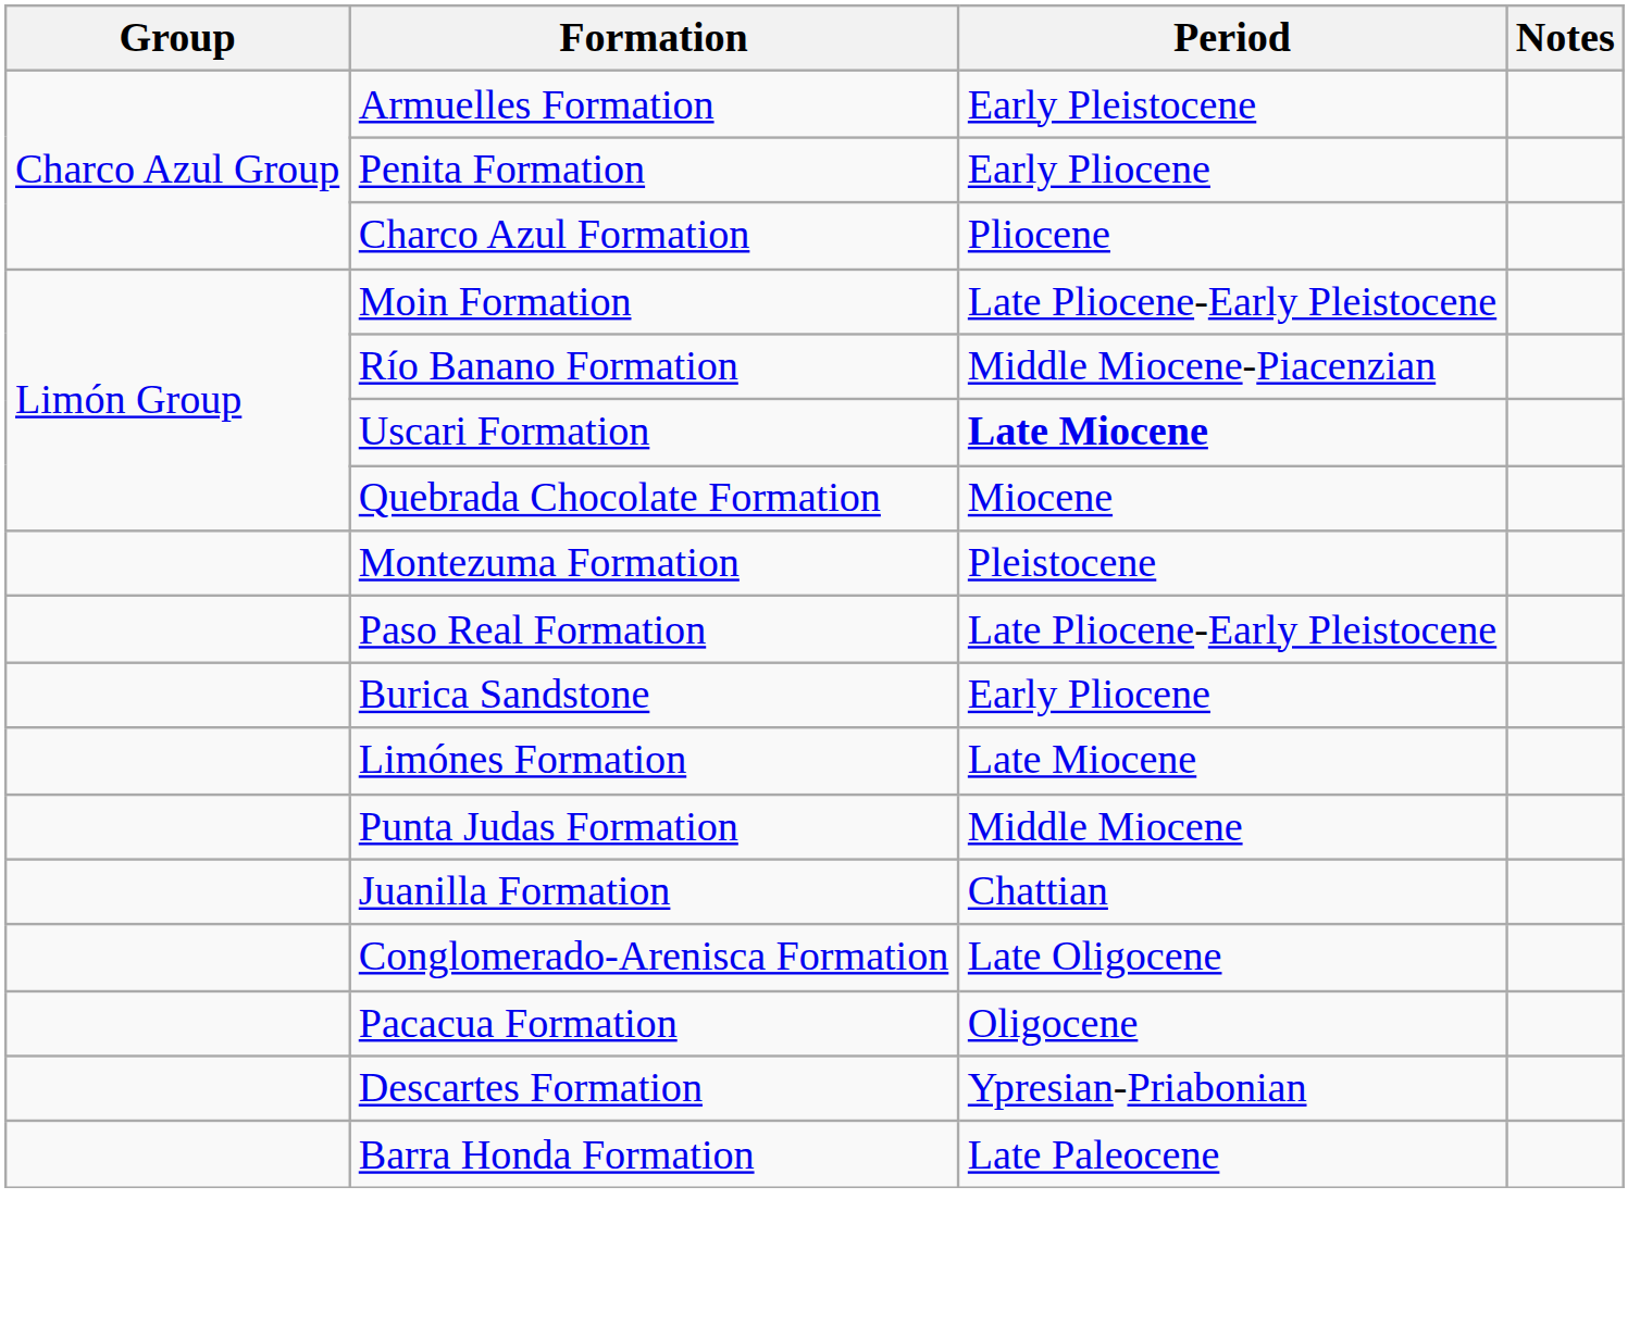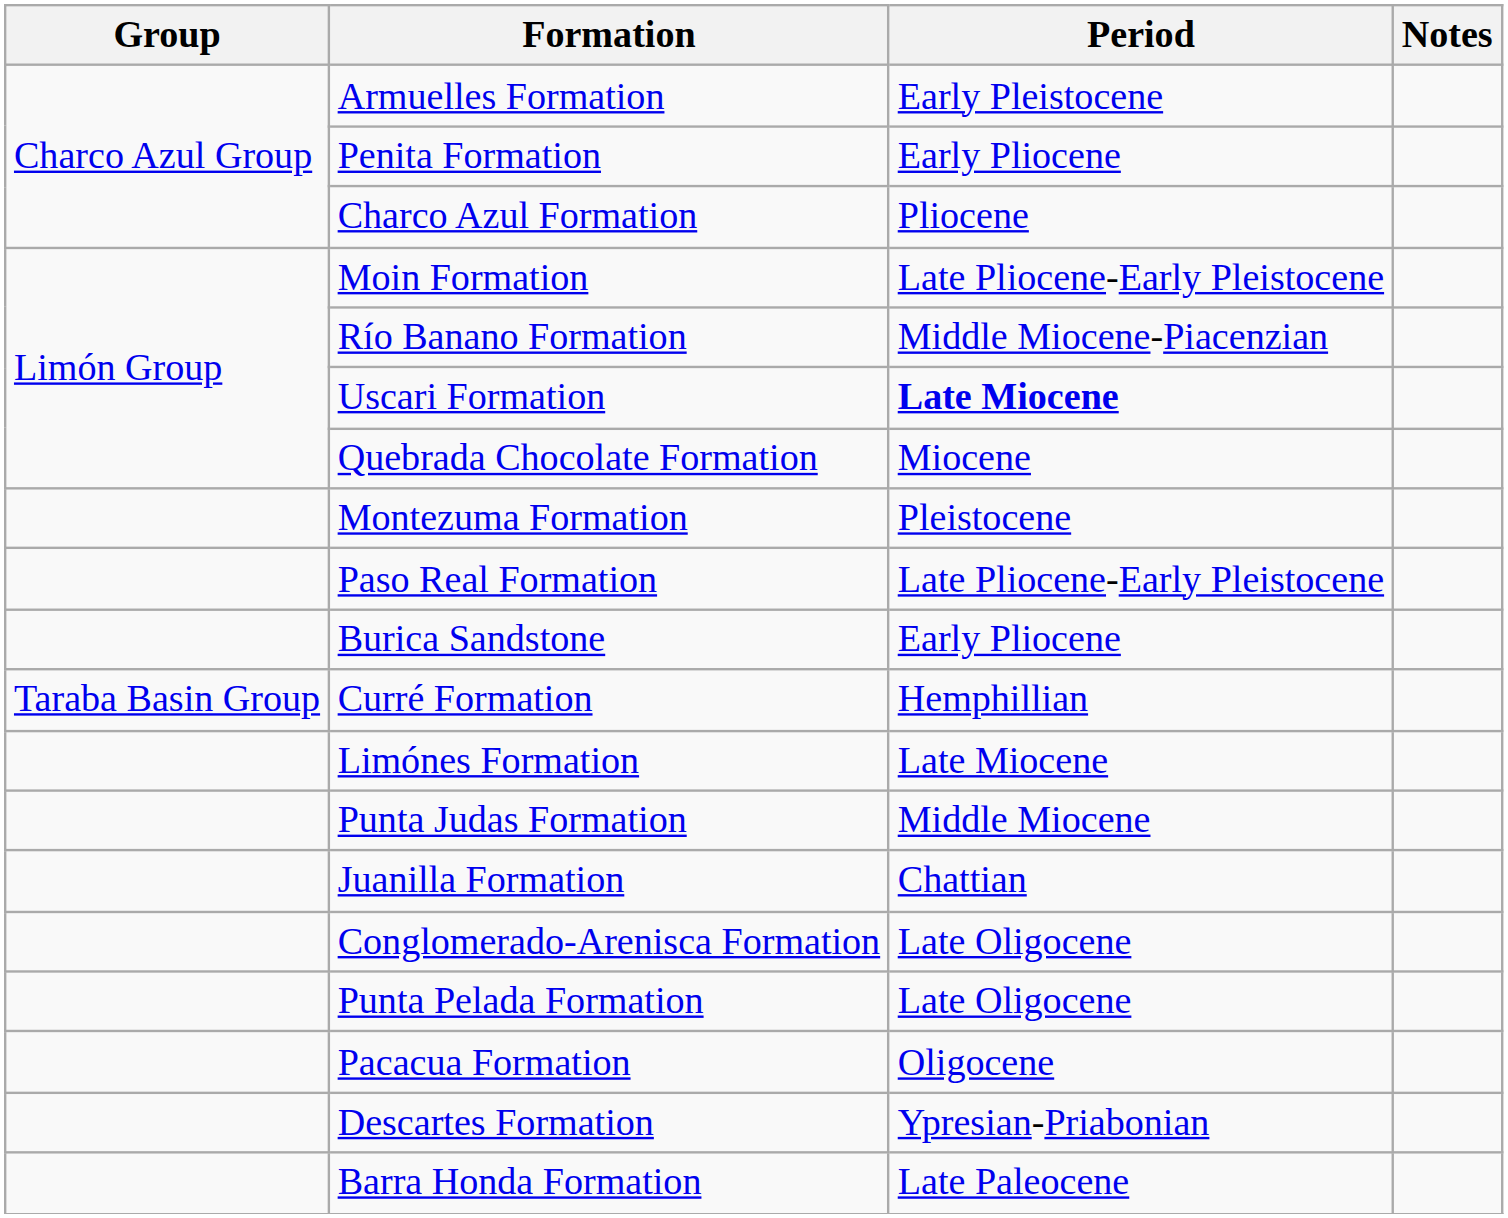 <table class="wikitable sortable">
 <tr>
 <th>Group</th>
 <th>Formation</th>
 <th>Period</th>
 <th class="unsortable">Notes</th>
 </tr>
 <tr>
 <td rowspan=3><a href='#'>Charco Azul Group</a></td>
 <td><a href='#'>Armuelles Formation</a></td>
 <td style="background-color: "><a href='#'>Early Pleistocene</a></td>
 <td align=center></td>
 </tr>
 <tr>
 <td><a href='#'>Penita Formation</a></td>
 <td style="background-color: "><a href='#'>Early Pliocene</a></td>
 <td align=center></td>
 </tr>
 <tr>
 <td><a href='#'>Charco Azul Formation</a></td>
 <td style="background-color: "><a href='#'>Pliocene</a></td>
 <td align=center></td>
 </tr>
 <tr>
 <td rowspan=4><a href='#'>Limón Group</a></td>
 <td><a href='#'>Moin Formation</a></td>
 <td style="background-color: "><a href='#'>Late Pliocene</a>-<a href='#'>Early Pleistocene</a></td>
 <td align=center></td>
 </tr>
 <tr>
 <td><a href='#'>Río Banano Formation</a></td>
 <td style="background-color: "><a href='#'>Middle Miocene</a>-<a href='#'>Piacenzian</a></td>
 <td align=center></td>
 </tr>
 <tr>
 <td><a href='#'>Uscari Formation</a></td>
 <td style="background-color: "><strong><a href='#'>Late Miocene</a></strong></td>
 <td align=center></td>
 </tr>
 <tr>
 <td><a href='#'>Quebrada Chocolate Formation</a></td>
 <td style="background-color: "><a href='#'>Miocene</a></td>
 <td align=center></td>
 </tr>
 <tr>
 <td></td>
 <td><a href='#'>Montezuma Formation</a></td>
 <td style="background-color: "><a href='#'>Pleistocene</a></td>
 <td align=center></td>
 </tr>
 <tr>
 <td></td>
 <td><a href='#'>Paso Real Formation</a></td>
 <td style="background-color: "><a href='#'>Late Pliocene</a>-<a href='#'>Early Pleistocene</a></td>
 <td align=center></td>
 </tr>
 <tr>
 <td></td>
 <td><a href='#'>Burica Sandstone</a></td>
 <td style="background-color: "><a href='#'>Early Pliocene</a></td>
 <td align=center></td>
 </tr>
 <tr>
+<td><a href='#'>Taraba Basin Group</a></td>
+<td><a href='#'>Curré Formation</a></td>
+<td style="background-color: "><a href='#'>Hemphillian</a></td>
+<td align=center></td>
+</tr>
+<tr>
 <td></td>
 <td><a href='#'>Limónes Formation</a></td>
 <td style="background-color: "><a href='#'>Late Miocene</a></td>
 <td align=center></td>
 </tr>
 <tr>
 <td></td>
 <td><a href='#'>Punta Judas Formation</a></td>
 <td style="background-color: "><a href='#'>Middle Miocene</a></td>
 <td align=center></td>
 </tr>
 <tr>
 <td></td>
 <td><a href='#'>Juanilla Formation</a></td>
 <td style="background-color: "><a href='#'>Chattian</a></td>
 <td align=center></td>
 </tr>
 <tr>
 <td></td>
 <td><a href='#'>Conglomerado-Arenisca Formation</a></td>
 <td style="background-color: "><a href='#'>Late Oligocene</a></td>
 <td align=center></td>
 </tr>
 <tr>
 <td></td>
+<td><a href='#'>Punta Pelada Formation</a></td>
+<td style="background-color: "><a href='#'>Late Oligocene</a></td>
+<td align=center></td>
+</tr>
+<tr>
+<td></td>
 <td><a href='#'>Pacacua Formation</a></td>
 <td style="background-color: "><a href='#'>Oligocene</a></td>
 <td align=center></td>
 </tr>
 <tr>
 <td></td>
 <td><a href='#'>Descartes Formation</a></td>
 <td style="background-color: "><a href='#'>Ypresian</a>-<a href='#'>Priabonian</a></td>
 <td align=center></td>
 </tr>
 <tr>
 <td></td>
 <td><a href='#'>Barra Honda Formation</a></td>
 <td style="background-color: "><a href='#'>Late Paleocene</a></td>
 <td align=center></td>
 </tr>
 <tr>
 </tr>
 </table>
